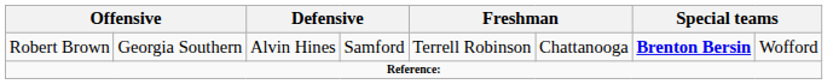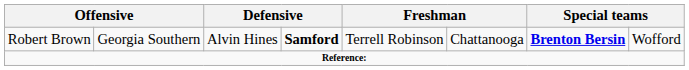 <table class="wikitable" border="1">
 <tr>
 <th colspan="2">Offensive</th>
 <th colspan="2">Defensive</th>
 <th colspan="2">Freshman</th>
 <th colspan="2">Special teams</th>
 </tr>
 <tr>
 <td>Robert Brown</td>
 <td>Georgia Southern</td>
 <td>Alvin Hines</td>
-<td>Samford</td>
+<td><strong>Samford</strong></td>
 <td>Terrell Robinson</td>
 <td>Chattanooga</td>
 <td><strong><a href='#'>Brenton Bersin</a></strong></td>
 <td>Wofford</td>
 </tr>
 <tr>
 <td colspan="8" style="font-size: 8pt" align="center"><strong>Reference:</strong></td>
 </tr>
 </table>
